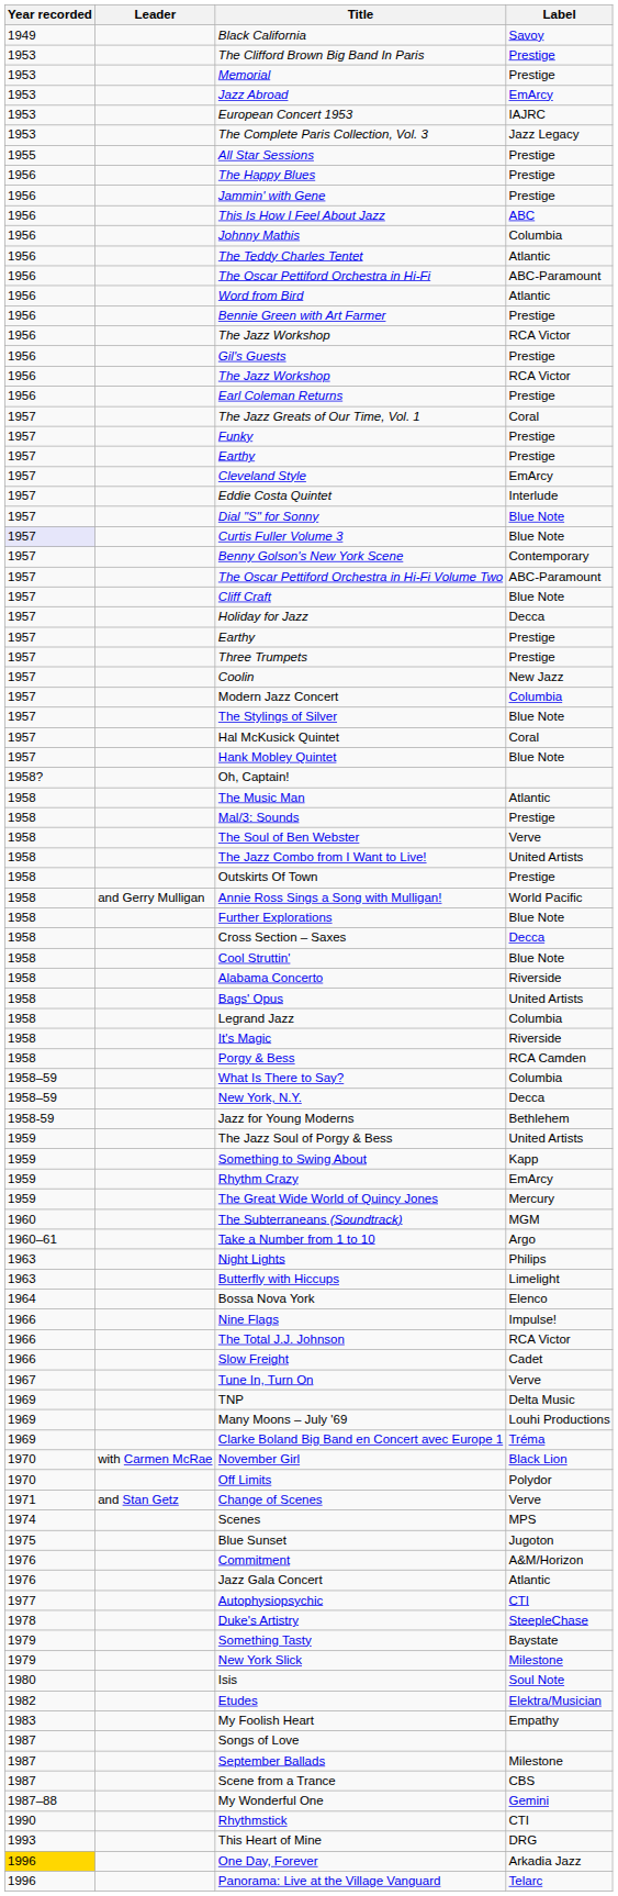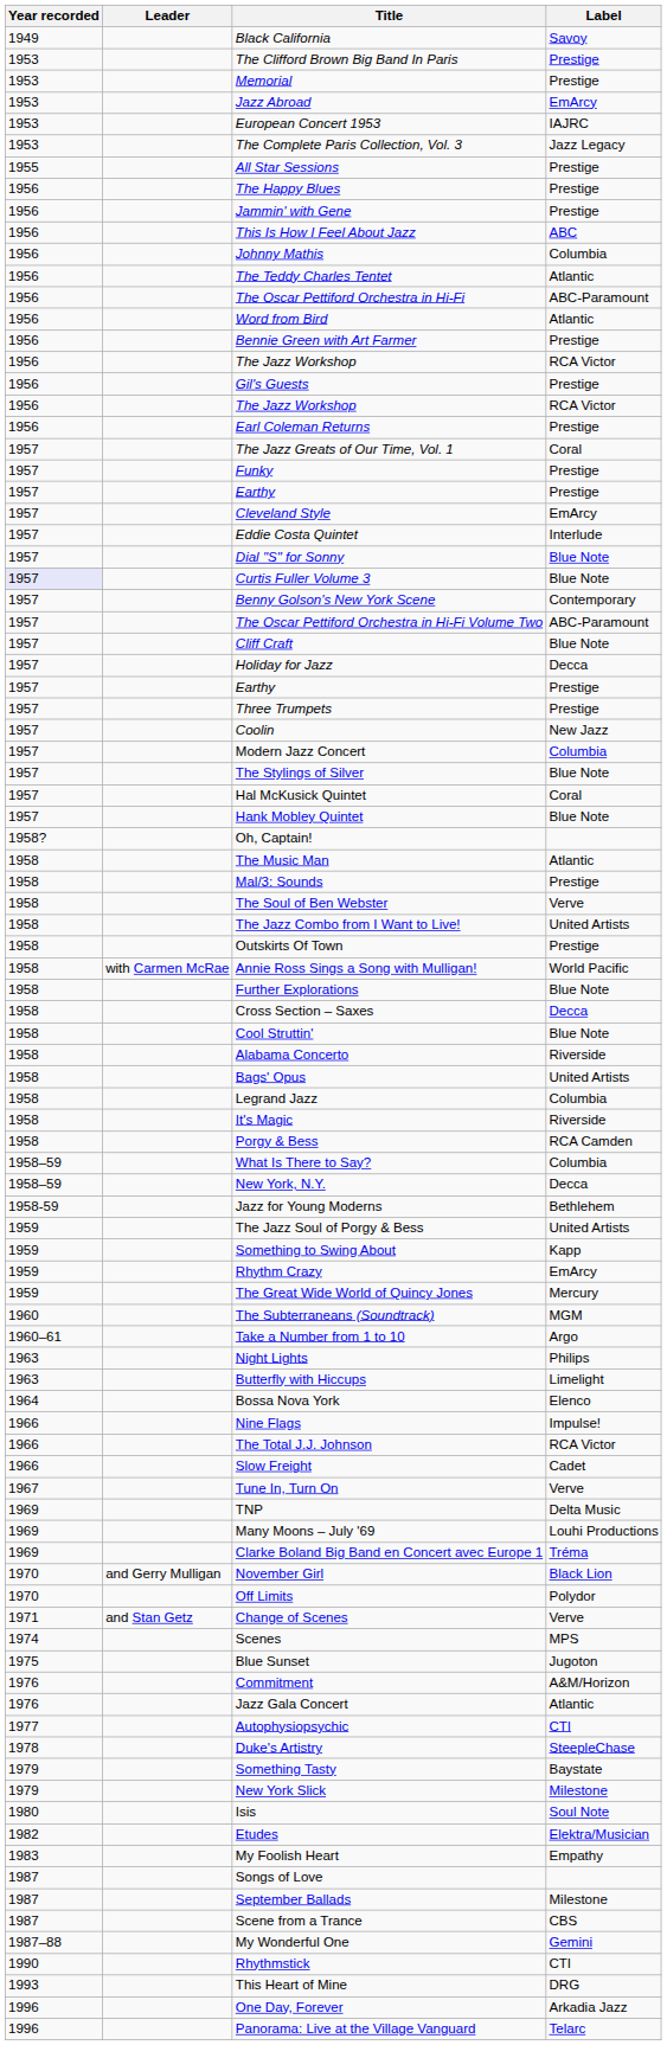 <table class="wikitable sortable">
 <tr>
 <th>Year recorded</th>
 <th>Leader</th>
 <th>Title</th>
 <th>Label</th>
 </tr>
 <tr>
 <td>1949</td>
 <td></td>
 <td><em>Black California</em></td>
 <td><a href='#'>Savoy</a></td>
 </tr>
 <tr>
 <td>1953</td>
 <td></td>
 <td><em>The Clifford Brown Big Band In Paris</em></td>
 <td><a href='#'>Prestige</a></td>
 </tr>
 <tr>
 <td>1953</td>
 <td></td>
 <td><em><a href='#'>Memorial</a></em></td>
 <td>Prestige</td>
 </tr>
 <tr>
 <td>1953</td>
 <td></td>
 <td><em><a href='#'>Jazz Abroad</a></em></td>
 <td><a href='#'>EmArcy</a></td>
 </tr>
 <tr>
 <td>1953</td>
 <td></td>
 <td><em>European Concert 1953</em></td>
 <td>IAJRC</td>
 </tr>
 <tr>
 <td>1953</td>
 <td></td>
 <td><em>The Complete Paris Collection, Vol. 3</em></td>
 <td>Jazz Legacy</td>
 </tr>
 <tr>
 <td>1955</td>
 <td></td>
 <td><em><a href='#'>All Star Sessions</a></em></td>
 <td>Prestige</td>
 </tr>
 <tr>
 <td>1956</td>
 <td></td>
 <td><em><a href='#'>The Happy Blues</a></em></td>
 <td>Prestige</td>
 </tr>
 <tr>
 <td>1956</td>
 <td></td>
 <td><em><a href='#'>Jammin' with Gene</a></em></td>
 <td>Prestige</td>
 </tr>
 <tr>
 <td>1956</td>
 <td></td>
 <td><em><a href='#'>This Is How I Feel About Jazz</a></em></td>
 <td><a href='#'>ABC</a></td>
 </tr>
 <tr>
 <td>1956</td>
 <td></td>
 <td><em><a href='#'>Johnny Mathis</a></em></td>
 <td>Columbia</td>
 </tr>
 <tr>
 <td>1956</td>
 <td></td>
 <td><em><a href='#'>The Teddy Charles Tentet</a></em></td>
 <td>Atlantic</td>
 </tr>
 <tr>
 <td>1956</td>
 <td></td>
 <td><em><a href='#'>The Oscar Pettiford Orchestra in Hi-Fi</a></em></td>
 <td>ABC-Paramount</td>
 </tr>
 <tr>
 <td>1956</td>
 <td></td>
 <td><em><a href='#'>Word from Bird</a></em></td>
 <td>Atlantic</td>
 </tr>
 <tr>
 <td>1956</td>
 <td></td>
 <td><em><a href='#'>Bennie Green with Art Farmer</a></em></td>
 <td>Prestige</td>
 </tr>
 <tr>
 <td>1956</td>
 <td></td>
 <td><em>The Jazz Workshop</em></td>
 <td>RCA Victor</td>
 </tr>
 <tr>
 <td>1956</td>
 <td></td>
 <td><em><a href='#'>Gil's Guests</a></em></td>
 <td>Prestige</td>
 </tr>
 <tr>
 <td>1956</td>
 <td></td>
 <td><em><a href='#'>The Jazz Workshop</a></em></td>
 <td>RCA Victor</td>
 </tr>
 <tr>
 <td>1956</td>
 <td></td>
 <td><em><a href='#'>Earl Coleman Returns</a></em></td>
 <td>Prestige</td>
 </tr>
 <tr>
 <td>1957</td>
 <td></td>
 <td><em>The Jazz Greats of Our Time, Vol. 1</em></td>
 <td>Coral</td>
 </tr>
 <tr>
 <td>1957</td>
 <td></td>
 <td><em><a href='#'>Funky</a></em></td>
 <td>Prestige</td>
 </tr>
 <tr>
 <td>1957</td>
 <td></td>
 <td><em><a href='#'>Earthy</a></em></td>
 <td>Prestige</td>
 </tr>
 <tr>
 <td>1957</td>
 <td></td>
 <td><em><a href='#'>Cleveland Style</a></em></td>
 <td>EmArcy</td>
 </tr>
 <tr>
 <td>1957</td>
 <td></td>
 <td><em>Eddie Costa Quintet</em></td>
 <td>Interlude</td>
 </tr>
 <tr>
 <td>1957</td>
 <td></td>
 <td><em><a href='#'>Dial "S" for Sonny</a></em></td>
 <td><a href='#'>Blue Note</a></td>
 </tr>
 <tr>
 <td style="background: lavender;">1957</td>
 <td></td>
 <td><em><a href='#'>Curtis Fuller Volume 3</a></em></td>
 <td>Blue Note</td>
 </tr>
 <tr>
 <td>1957</td>
 <td></td>
 <td><em><a href='#'>Benny Golson's New York Scene</a></em></td>
 <td>Contemporary</td>
 </tr>
 <tr>
 <td>1957</td>
 <td></td>
 <td><em><a href='#'>The Oscar Pettiford Orchestra in Hi-Fi Volume Two</a></em></td>
 <td>ABC-Paramount</td>
 </tr>
 <tr>
 <td>1957</td>
 <td></td>
 <td><em><a href='#'>Cliff Craft</a></em></td>
 <td>Blue Note</td>
 </tr>
 <tr>
 <td>1957</td>
 <td></td>
 <td><em>Holiday for Jazz</em></td>
 <td>Decca</td>
 </tr>
 <tr>
 <td>1957</td>
 <td></td>
 <td><em>Earthy</em></td>
 <td>Prestige</td>
 </tr>
 <tr>
 <td>1957</td>
 <td></td>
 <td><em>Three Trumpets</em></td>
 <td>Prestige</td>
 </tr>
 <tr>
 <td>1957</td>
 <td></td>
 <td><em>Coolin<strong></td>
 <td>New Jazz</td>
 </tr>
 <tr>
 <td>1957</td>
 <td></td>
 <td></em>Modern Jazz Concert<em></td>
 <td><a href='#'>Columbia</a></td>
 </tr>
 <tr>
 <td>1957</td>
 <td></td>
 <td></em><a href='#'>The Stylings of Silver</a><em></td>
 <td>Blue Note</td>
 </tr>
 <tr>
 <td>1957</td>
 <td></td>
 <td></em>Hal McKusick Quintet<em></td>
 <td>Coral</td>
 </tr>
 <tr>
 <td>1957</td>
 <td></td>
 <td></em><a href='#'>Hank Mobley Quintet</a><em></td>
 <td>Blue Note</td>
 </tr>
 <tr>
 <td>1958?</td>
 <td></td>
 <td></em>Oh, Captain!<em></td>
 <td></td>
 </tr>
 <tr>
 <td>1958</td>
 <td></td>
 <td></em><a href='#'>The Music Man</a><em></td>
 <td>Atlantic</td>
 </tr>
 <tr>
 <td>1958</td>
 <td></td>
 <td></em><a href='#'>Mal/3: Sounds</a><em></td>
 <td>Prestige</td>
 </tr>
 <tr>
 <td>1958</td>
 <td></td>
 <td></em><a href='#'>The Soul of Ben Webster</a><em></td>
 <td>Verve</td>
 </tr>
 <tr>
 <td>1958</td>
 <td></td>
 <td></em><a href='#'>The Jazz Combo from I Want to Live!</a><em></td>
 <td>United Artists</td>
 </tr>
 <tr>
 <td>1958</td>
 <td></td>
 <td></em>Outskirts Of Town<em></td>
 <td>Prestige</td>
 </tr>
 <tr>
 <td>1958</td>
-<td> and Gerry Mulligan</td>
+<td> with <a href='#'>Carmen McRae</a></td>
 <td></em><a href='#'>Annie Ross Sings a Song with Mulligan!</a><em></td>
 <td>World Pacific</td>
 </tr>
 <tr>
 <td>1958</td>
 <td></td>
 <td></em><a href='#'>Further Explorations</a><em></td>
 <td>Blue Note</td>
 </tr>
 <tr>
 <td>1958</td>
 <td></td>
 <td></em>Cross Section – Saxes<em></td>
 <td><a href='#'>Decca</a></td>
 </tr>
 <tr>
 <td>1958</td>
 <td></td>
 <td></em><a href='#'>Cool Struttin'</a><em></td>
 <td>Blue Note</td>
 </tr>
 <tr>
 <td>1958</td>
 <td></td>
 <td></em><a href='#'>Alabama Concerto</a><em></td>
 <td>Riverside</td>
 </tr>
 <tr>
 <td>1958</td>
 <td></td>
 <td></em><a href='#'>Bags' Opus</a><em></td>
 <td>United Artists</td>
 </tr>
 <tr>
 <td>1958</td>
 <td></td>
 <td></em>Legrand Jazz<em></td>
 <td>Columbia</td>
 </tr>
 <tr>
 <td>1958</td>
 <td></td>
 <td></em><a href='#'>It's Magic</a><em></td>
 <td>Riverside</td>
 </tr>
 <tr>
 <td>1958</td>
 <td></td>
 <td></em><a href='#'>Porgy & Bess</a><em></td>
 <td>RCA Camden</td>
 </tr>
 <tr>
 <td>1958–59</td>
 <td></td>
 <td></em><a href='#'>What Is There to Say?</a><em></td>
 <td>Columbia</td>
 </tr>
 <tr>
 <td>1958–59</td>
 <td></td>
 <td></em><a href='#'>New York, N.Y.</a><em></td>
 <td>Decca</td>
 </tr>
 <tr>
 <td>1958-59</td>
 <td></td>
 <td></em>Jazz for Young Moderns<em></td>
 <td>Bethlehem</td>
 </tr>
 <tr>
 <td>1959</td>
 <td></td>
 <td></em>The Jazz Soul of Porgy & Bess<em></td>
 <td>United Artists</td>
 </tr>
 <tr>
 <td>1959</td>
 <td></td>
 <td></em><a href='#'>Something to Swing About</a><em></td>
 <td>Kapp</td>
 </tr>
 <tr>
 <td>1959</td>
 <td></td>
 <td></em><a href='#'>Rhythm Crazy</a><em></td>
 <td>EmArcy</td>
 </tr>
 <tr>
 <td>1959</td>
 <td></td>
 <td></em><a href='#'>The Great Wide World of Quincy Jones</a><em></td>
 <td>Mercury</td>
 </tr>
 <tr>
 <td>1960</td>
 <td></td>
 <td><a href='#'></em>The Subterraneans<em> (Soundtrack)</a></td>
 <td>MGM</td>
 </tr>
 <tr>
 <td>1960–61</td>
 <td></td>
 <td></em><a href='#'>Take a Number from 1 to 10</a><em></td>
 <td>Argo</td>
 </tr>
 <tr>
 <td>1963</td>
 <td></td>
 <td></em><a href='#'>Night Lights</a><em></td>
 <td>Philips</td>
 </tr>
 <tr>
 <td>1963</td>
 <td></td>
 <td></em><a href='#'>Butterfly with Hiccups</a><em></td>
 <td>Limelight</td>
 </tr>
 <tr>
 <td>1964</td>
 <td></td>
 <td></em>Bossa Nova York<em></td>
 <td>Elenco</td>
 </tr>
 <tr>
 <td>1966</td>
 <td></td>
 <td></em><a href='#'>Nine Flags</a><em></td>
 <td>Impulse!</td>
 </tr>
 <tr>
 <td>1966</td>
 <td></td>
 <td></em><a href='#'>The Total J.J. Johnson</a><em></td>
 <td>RCA Victor</td>
 </tr>
 <tr>
 <td>1966</td>
 <td></td>
 <td></em><a href='#'>Slow Freight</a><em></td>
 <td>Cadet</td>
 </tr>
 <tr>
 <td>1967</td>
 <td></td>
 <td></em><a href='#'>Tune In, Turn On</a><em></td>
 <td>Verve</td>
 </tr>
 <tr>
 <td>1969</td>
 <td></td>
 <td></em>TNP<em></td>
 <td>Delta Music</td>
 </tr>
 <tr>
 <td>1969</td>
 <td></td>
 <td></em>Many Moons – July '69<em></td>
 <td>Louhi Productions</td>
 </tr>
 <tr>
 <td>1969</td>
 <td></td>
 <td></em><a href='#'>Clarke Boland Big Band en Concert avec Europe 1</a><em></td>
 <td><a href='#'>Tréma</a></td>
 </tr>
 <tr>
 <td>1970</td>
-<td> with <a href='#'>Carmen McRae</a></td>
+<td> and Gerry Mulligan</td>
 <td></em><a href='#'>November Girl</a><em></td>
 <td><a href='#'>Black Lion</a></td>
 </tr>
 <tr>
 <td>1970</td>
 <td></td>
 <td></em><a href='#'>Off Limits</a><em></td>
 <td>Polydor</td>
 </tr>
 <tr>
 <td>1971</td>
 <td> and <a href='#'>Stan Getz</a></td>
 <td></em><a href='#'>Change of Scenes</a><em></td>
 <td>Verve</td>
 </tr>
 <tr>
 <td>1974</td>
 <td></td>
 <td></em>Scenes<em></td>
 <td>MPS</td>
 </tr>
 <tr>
 <td>1975</td>
 <td></td>
 <td></em>Blue Sunset<em></td>
 <td>Jugoton</td>
 </tr>
 <tr>
 <td>1976</td>
 <td></td>
 <td></em><a href='#'>Commitment</a><em></td>
 <td>A&M/Horizon</td>
 </tr>
 <tr>
 <td>1976</td>
 <td></td>
 <td></em>Jazz Gala Concert<em></td>
 <td>Atlantic</td>
 </tr>
 <tr>
 <td>1977</td>
 <td></td>
 <td></em><a href='#'>Autophysiopsychic</a><em></td>
 <td><a href='#'>CTI</a></td>
 </tr>
 <tr>
 <td>1978</td>
 <td></td>
 <td></em><a href='#'>Duke's Artistry</a><em></td>
 <td><a href='#'>SteepleChase</a></td>
 </tr>
 <tr>
 <td>1979</td>
 <td></td>
 <td></em><a href='#'>Something Tasty</a><em></td>
 <td>Baystate</td>
 </tr>
 <tr>
 <td>1979</td>
 <td></td>
 <td></em><a href='#'>New York Slick</a><em></td>
 <td><a href='#'>Milestone</a></td>
 </tr>
 <tr>
 <td>1980</td>
 <td></td>
 <td></em>Isis<em></td>
 <td><a href='#'>Soul Note</a></td>
 </tr>
 <tr>
 <td>1982</td>
 <td></td>
 <td></em><a href='#'>Etudes</a><em></td>
 <td><a href='#'>Elektra/Musician</a></td>
 </tr>
 <tr>
 <td>1983</td>
 <td></td>
 <td></em>My Foolish Heart<em></td>
 <td>Empathy</td>
 </tr>
 <tr>
 <td>1987</td>
 <td></td>
 <td></em>Songs of Love<em></td>
 <td></td>
 </tr>
 <tr>
 <td>1987</td>
 <td></td>
 <td></em><a href='#'>September Ballads</a><em></td>
 <td>Milestone</td>
 </tr>
 <tr>
 <td>1987</td>
 <td></td>
 <td></em>Scene from a Trance<em></td>
 <td>CBS</td>
 </tr>
 <tr>
 <td>1987–88</td>
 <td></td>
 <td></em>My Wonderful One<em></td>
 <td><a href='#'>Gemini</a></td>
 </tr>
 <tr>
 <td>1990</td>
 <td></td>
 <td></em><a href='#'>Rhythmstick</a><em></td>
 <td>CTI</td>
 </tr>
 <tr>
 <td>1993</td>
 <td></td>
 <td></em>This Heart of Mine<em></td>
 <td>DRG</td>
 </tr>
 <tr>
-<td style="background: gold;">1996</td>
+<td>1996</td>
 <td></td>
 <td></em><a href='#'>One Day, Forever</a><em></td>
 <td>Arkadia Jazz</td>
 </tr>
 <tr>
 <td>1996</td>
 <td></td>
 <td></em><a href='#'>Panorama: Live at the Village Vanguard</a><em></td>
 <td><a href='#'>Telarc</a></td>
 </tr>
 </table>
